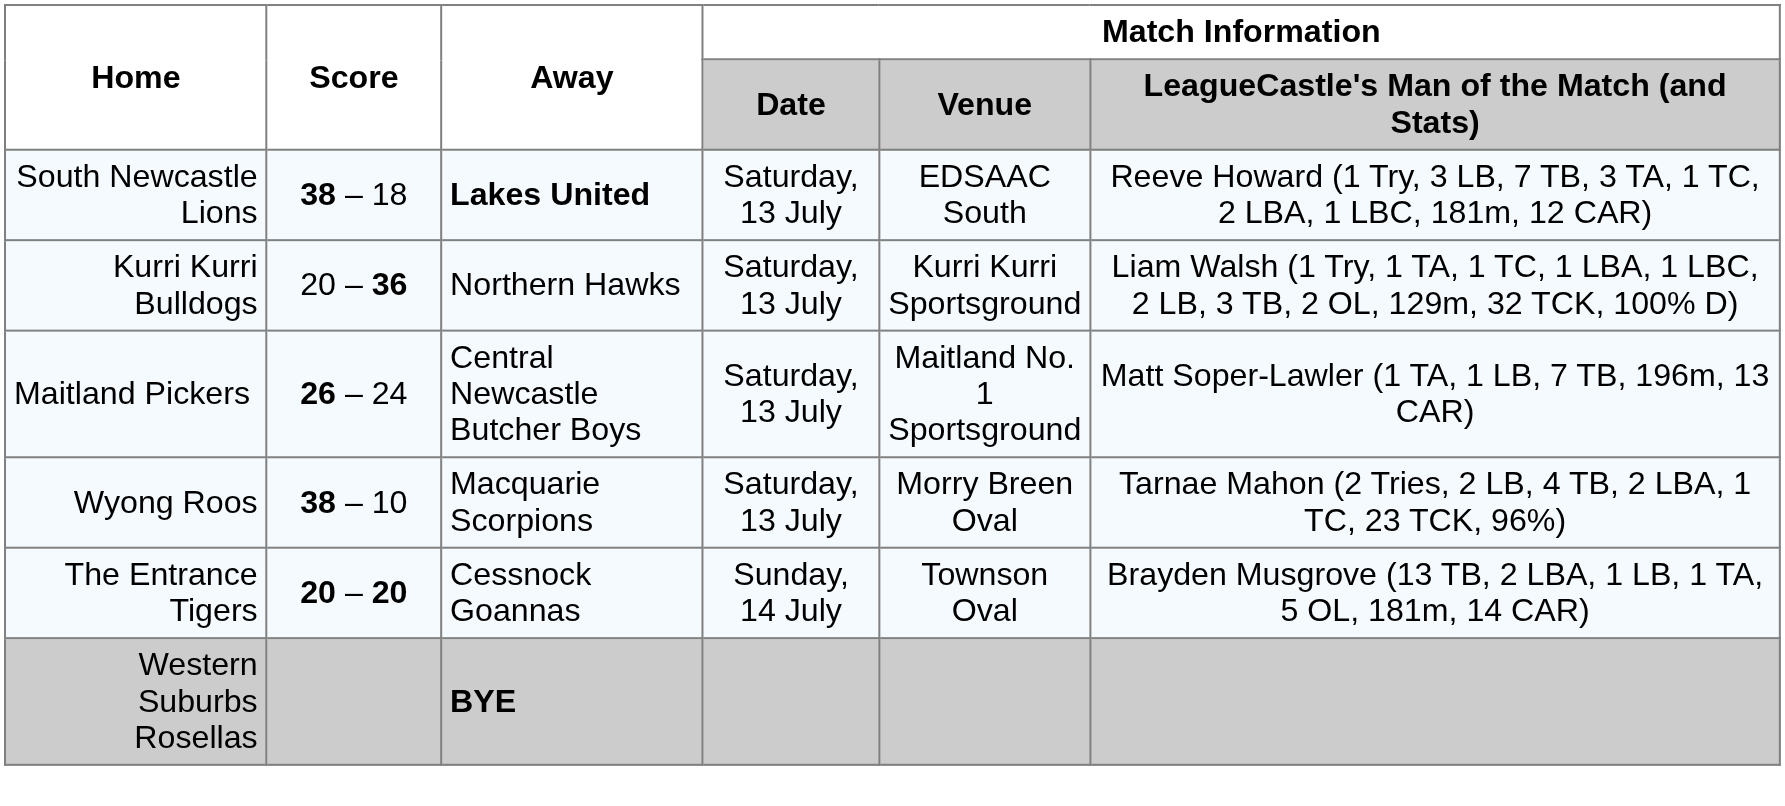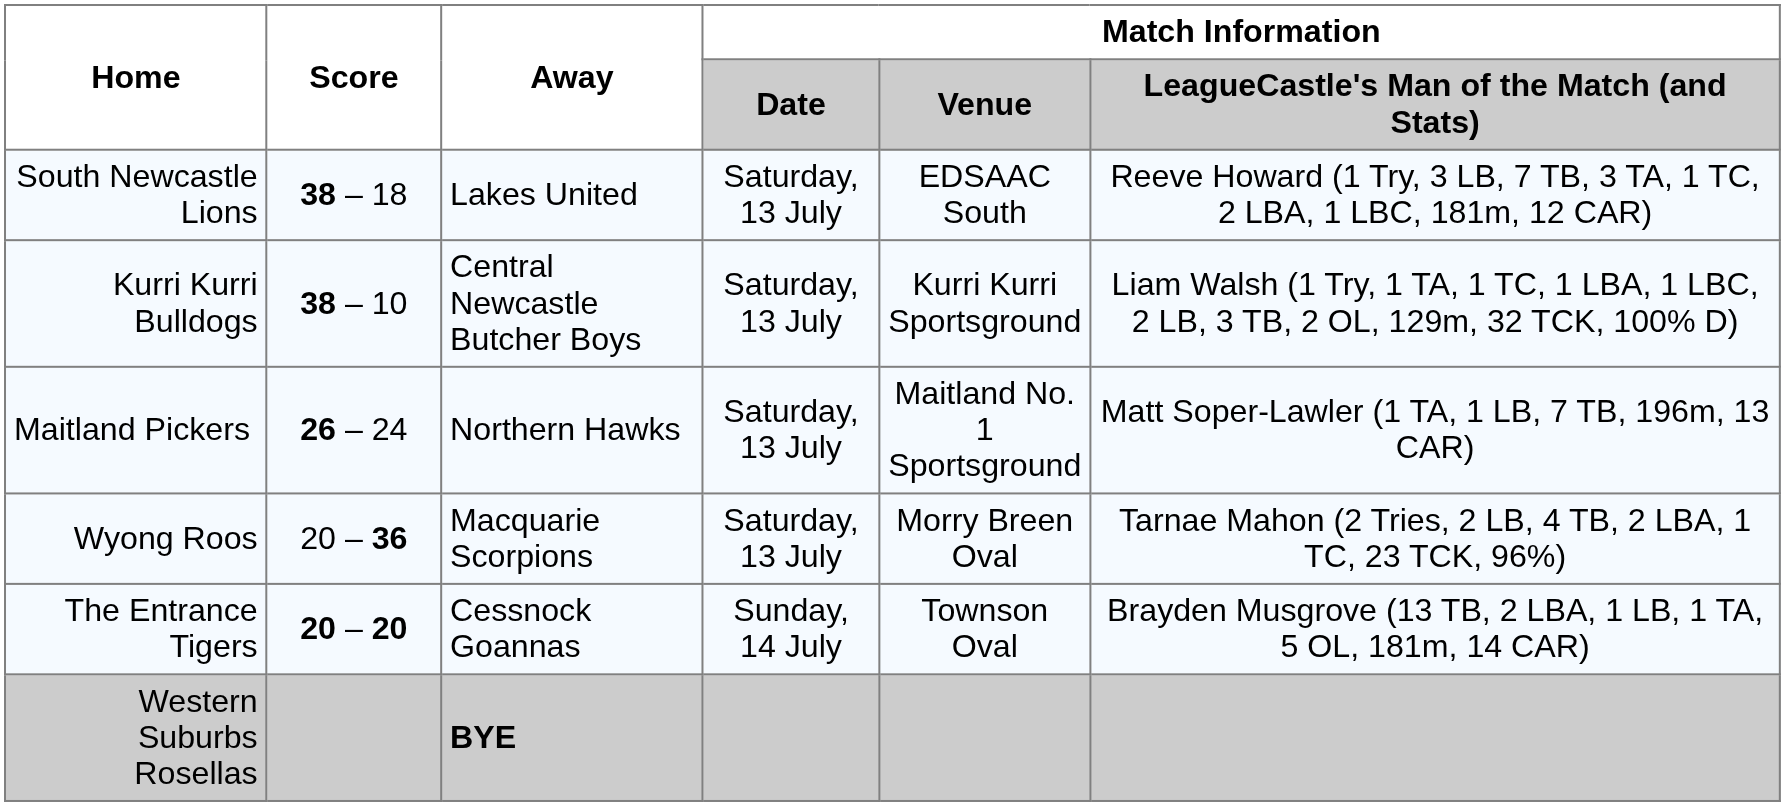 <table width="100%" cellspacing="0" cellpadding="4" border="1" style="border-collapse:collapse;  text-align:center;">
 <tr>
 <th rowspan="2" width="15%">Home</th>
 <th rowspan="2" width="10%">Score</th>
 <th rowspan="2" width="15%">Away</th>
 <th colspan="4">Match Information</th>
 </tr>
 <tr style="background:#CCCCCC">
 <th width="10%">Date</th>
 <th width="10%">Venue</th>
 <th width="40%">LeagueCastle's Man of the Match (and Stats)</th>
 </tr>
 <tr style="text-align:center; background:#f5faff;">
 <td align="right"> South Newcastle Lions</td>
 <td><strong>38</strong> – 18</td>
-<td align="left"><strong> Lakes United</strong></td>
+<td align="left"> Lakes United</td>
 <td>Saturday, 13 July</td>
 <td>EDSAAC South</td>
 <td>Reeve Howard  (1 Try, 3 LB, 7 TB, 3 TA, 1 TC, 2 LBA, 1 LBC, 181m, 12 CAR)</td>
 </tr>
 <tr style="text-align:center; background:#f5faff;">
 <td align="right"> Kurri Kurri Bulldogs</td>
-<td>20 – <strong>36</strong></td>
-<td align="left"> Northern Hawks</td>
+<td><strong>38</strong> – 10</td>
+<td align="left"> Central Newcastle Butcher Boys</td>
 <td>Saturday, 13 July</td>
 <td>Kurri Kurri Sportsground</td>
 <td>Liam Walsh (1 Try, 1 TA, 1 TC, 1 LBA, 1 LBC, 2 LB, 3 TB, 2 OL, 129m, 32 TCK, 100% D)</td>
 </tr>
 <tr style="text-align:center; background:#f5faff;">
 <td align="left"> Maitland Pickers</td>
 <td><strong>26</strong> – 24</td>
-<td align="left"> Central Newcastle Butcher Boys</td>
+<td align="left"> Northern Hawks</td>
 <td>Saturday, 13 July</td>
 <td>Maitland No. 1 Sportsground</td>
 <td>Matt Soper-Lawler  (1 TA, 1 LB, 7 TB, 196m, 13 CAR)</td>
 </tr>
 <tr style="text-align:center; background:#f5faff;">
 <td align="right"> Wyong Roos</td>
-<td><strong>38</strong> – 10</td>
+<td>20 – <strong>36</strong></td>
 <td align="left"> Macquarie Scorpions</td>
 <td>Saturday, 13 July</td>
 <td>Morry Breen Oval</td>
 <td>Tarnae Mahon  (2 Tries, 2 LB, 4 TB, 2 LBA, 1 TC, 23 TCK, 96%)</td>
 </tr>
 <tr style="text-align:center; background:#f5faff;">
 <td align="right"> The Entrance Tigers</td>
 <td><strong>20</strong> – <strong>20</strong></td>
 <td align="left"> Cessnock Goannas</td>
 <td>Sunday, 14 July</td>
 <td>Townson Oval</td>
 <td>Brayden Musgrove  (13 TB, 2 LBA, 1 LB, 1 TA, 5 OL, 181m, 14 CAR)</td>
 </tr>
 <tr style="text-align:center; background:#CCCCCC;">
 <td align="right"> Western Suburbs Rosellas</td>
 <td></td>
 <td align="left"><strong>BYE</strong></td>
 <td></td>
 <td></td>
 <td></td>
 </tr>
 </table>
